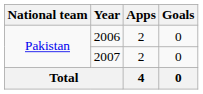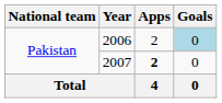 <table class="wikitable" style="text-align:center">
 <tr>
 <th>National team</th>
 <th>Year</th>
 <th>Apps</th>
 <th>Goals</th>
 </tr>
 <tr>
 <td rowspan="2"><a href='#'>Pakistan</a></td>
 <td>2006</td>
 <td>2</td>
-<td>0</td>
+<td style="background: lightblue;">0</td>
 </tr>
 <tr>
 <td>2007</td>
-<td>2</td>
+<td><strong>2</strong></td>
 <td>0</td>
 </tr>
 <tr>
 <th colspan="2">Total</th>
 <th>4</th>
 <th>0</th>
 </tr>
 </table>
